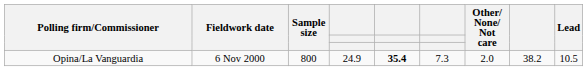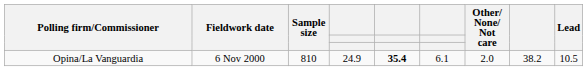 <table class="wikitable collapsible collapsed" style="text-align:center; font-size:90%; line-height:14px;">
 <tr style="height:42px;">
 <th style="width:250px;" rowspan="3">Polling firm/Commissioner</th>
 <th style="width:125px;" rowspan="3">Fieldwork date</th>
 <th style="width:50px;" rowspan="3">Sample size</th>
 <th style="width:55px;"></th>
 <th style="width:55px;"></th>
 <th style="width:55px;"></th>
 <th style="width:55px;" rowspan="3">Other/<br>None/<br>Not<br>care</th>
 <th style="width:55px;" rowspan="3"></th>
 <th style="width:30px;" rowspan="3">Lead</th>
 </tr>
 <tr>
 <th style="color:inherit;background:"></th>
 <th style="color:inherit;background:"></th>
 <th style="color:inherit;background:"></th>
 </tr>
 <tr>
 <th></th>
 <th></th>
 <th></th>
 </tr>
 <tr>
 <td>Opina/La Vanguardia</td>
 <td>6 Nov 2000</td>
-<td>800</td>
+<td>810</td>
 <td>24.9</td>
 <td><strong>35.4</strong></td>
-<td>7.3</td>
+<td>6.1</td>
 <td>2.0</td>
 <td>38.2</td>
 <td style="background:">10.5</td>
 </tr>
 </table>
